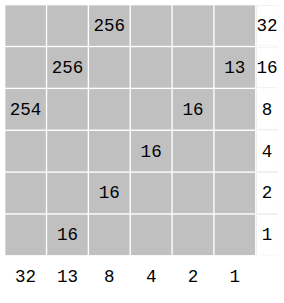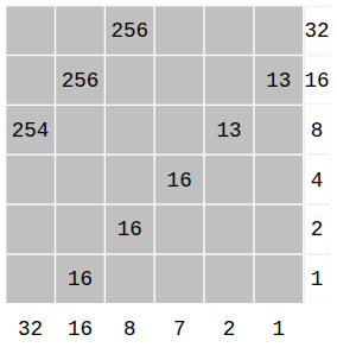 <table border="0" cellpadding="0" cellspacing="1" style="text-align:center; background-color: white; color: black;">
 <tr style="height:30px; background-color: silver;">
 <td style="width:30px;"> </td>
 <td style="width:30px;"> </td>
 <td style="width:30px;">256</td>
 <td style="width:30px;"> </td>
 <td style="width:30px;"> </td>
 <td style="width:30px;"> </td>
 <td style="background-color: white;">32</td>
 </tr>
 <tr style="height:30px; background-color: silver;">
 <td style="width:30px;"> </td>
 <td style="width:30px;">256</td>
 <td style="width:30px;"> </td>
 <td style="width:30px;"> </td>
 <td style="width:30px;"> </td>
 <td style="width:30px;">13</td>
 <td style="background-color: white;">16</td>
 </tr>
 <tr style="height:30px; background-color: silver;">
 <td style="width:30px;">254</td>
 <td style="width:30px;"> </td>
 <td style="width:30px;"> </td>
 <td style="width:30px;"> </td>
-<td style="width:30px;">16</td>
+<td style="width:30px;">13</td>
 <td style="width:30px;"> </td>
 <td style="background-color: white;">8</td>
 </tr>
 <tr style="height:30px; background-color: silver;">
 <td style="width:30px;"> </td>
 <td style="width:30px;"> </td>
 <td style="width:30px;"> </td>
 <td style="width:30px;">16</td>
 <td style="width:30px;"> </td>
 <td style="width:30px;"> </td>
 <td style="background-color: white;">4</td>
 </tr>
 <tr style="height:30px; background-color: silver;">
 <td style="width:30px;"> </td>
 <td style="width:30px;"> </td>
 <td style="width:30px;">16</td>
 <td style="width:30px;"> </td>
 <td style="width:30px;"> </td>
 <td style="width:30px;"> </td>
 <td style="background-color: white;">2</td>
 </tr>
 <tr style="height:30px; background-color: silver;">
 <td style="width:30px;"> </td>
 <td style="width:30px;">16</td>
 <td style="width:30px;"> </td>
 <td style="width:30px;"> </td>
 <td style="width:30px;"> </td>
 <td style="width:30px;"> </td>
 <td style="background-color: white;">1</td>
 </tr>
 <tr style="height:30px; background-color:white; color: black;">
 <td style="width:30px;">32</td>
-<td style="width:30px;">13</td>
+<td style="width:30px;">16</td>
 <td style="width:30px;">8</td>
-<td style="width:30px;">4</td>
+<td style="width:30px;">7</td>
 <td style="width:30px;">2</td>
 <td style="width:30px;">1</td>
 </tr>
 </table>
